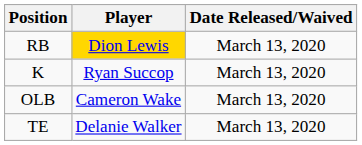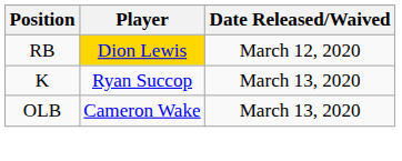 <table class="wikitable">
 <tr>
 <th>Position</th>
 <th>Player</th>
 <th>Date Released/Waived</th>
 </tr>
 <tr align="center">
 <td>RB</td>
 <td style="background: gold;"><a href='#'>Dion Lewis</a></td>
-<td>March 13, 2020</td>
+<td>March 12, 2020</td>
 </tr>
 <tr align="center">
 <td>K</td>
 <td><a href='#'>Ryan Succop</a></td>
 <td>March 13, 2020</td>
 </tr>
 <tr align="center">
 <td>OLB</td>
 <td><a href='#'>Cameron Wake</a></td>
 <td>March 13, 2020</td>
 </tr>
-<tr align="center">
-<td>TE</td>
-<td><a href='#'>Delanie Walker</a></td>
-<td>March 13, 2020</td>
-</tr>
 </table>
